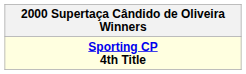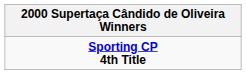 <table class="wikitable" style="text-align: center; margin: 0 auto; width: 20%">
 <tr>
 <th>2000 Supertaça Cândido de Oliveira Winners</th>
 </tr>
 <tr>
-<td style="background: lightyellow;"><strong><a href='#'>Sporting CP</a></strong><br><strong>4th Title</strong></td>
+<td><strong><a href='#'>Sporting CP</a></strong><br><strong>4th Title</strong></td>
 </tr>
 </table>
